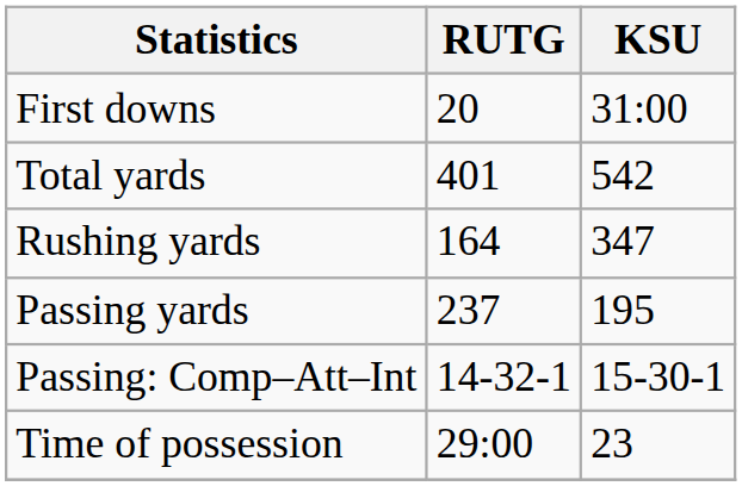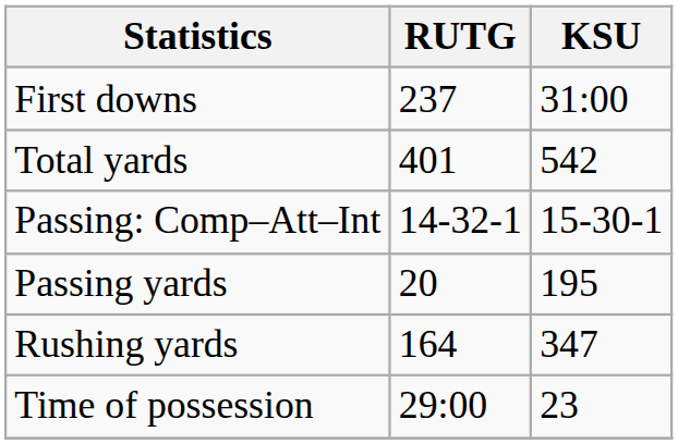 <table class="wikitable" style="float: left;">
 <tr>
 <th>Statistics</th>
 <th>RUTG</th>
 <th>KSU</th>
 </tr>
 <tr>
 <td>First downs</td>
-<td>20</td>
+<td>237</td>
 <td>31:00</td>
 </tr>
 <tr>
 <td>Total yards</td>
 <td>401</td>
 <td>542</td>
 </tr>
 <tr>
+<td>Passing: Comp–Att–Int</td>
+<td>14-32-1</td>
+<td>15-30-1</td>
+</tr>
+<tr>
+<td>Passing yards</td>
+<td>20</td>
+<td>195</td>
+</tr>
+<tr>
 <td>Rushing yards</td>
 <td>164</td>
 <td>347</td>
-</tr>
-<tr>
-<td>Passing yards</td>
-<td>237</td>
-<td>195</td>
-</tr>
-<tr>
-<td>Passing: Comp–Att–Int</td>
-<td>14-32-1</td>
-<td>15-30-1</td>
 </tr>
 <tr>
 <td>Time of possession</td>
 <td>29:00</td>
 <td>23</td>
 </tr>
 <tr>
 </tr>
 </table>
